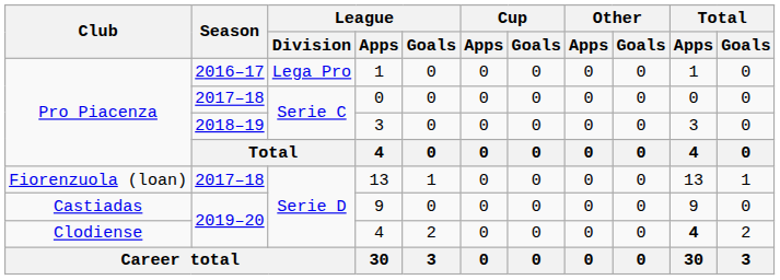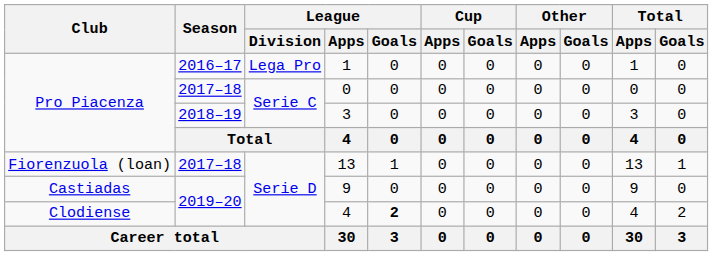 <table class="wikitable" style="text-align: center">
 <tr>
 <th rowspan="2">Club</th>
 <th rowspan="2">Season</th>
 <th colspan="3">League</th>
 <th colspan="2">Cup</th>
 <th colspan="2">Other</th>
 <th colspan="2">Total</th>
 </tr>
 <tr>
 <th>Division</th>
 <th>Apps</th>
 <th>Goals</th>
 <th>Apps</th>
 <th>Goals</th>
 <th>Apps</th>
 <th>Goals</th>
 <th>Apps</th>
 <th>Goals</th>
 </tr>
 <tr>
 <td rowspan="4"><a href='#'>Pro Piacenza</a></td>
 <td><a href='#'>2016–17</a></td>
 <td><a href='#'>Lega Pro</a></td>
 <td>1</td>
 <td>0</td>
 <td>0</td>
 <td>0</td>
 <td>0</td>
 <td>0</td>
 <td>1</td>
 <td>0</td>
 </tr>
 <tr>
 <td><a href='#'>2017–18</a></td>
 <td rowspan="2"><a href='#'>Serie C</a></td>
 <td>0</td>
 <td>0</td>
 <td>0</td>
 <td>0</td>
 <td>0</td>
 <td>0</td>
 <td>0</td>
 <td>0</td>
 </tr>
 <tr>
 <td><a href='#'>2018–19</a></td>
 <td>3</td>
 <td>0</td>
 <td>0</td>
 <td>0</td>
 <td>0</td>
 <td>0</td>
 <td>3</td>
 <td>0</td>
 </tr>
 <tr>
 <th colspan="2">Total</th>
 <th>4</th>
 <th>0</th>
 <th>0</th>
 <th>0</th>
 <th>0</th>
 <th>0</th>
 <th>4</th>
 <th>0</th>
 </tr>
 <tr>
 <td><a href='#'>Fiorenzuola</a> (loan)</td>
 <td><a href='#'>2017–18</a></td>
 <td rowspan="3"><a href='#'>Serie D</a></td>
 <td>13</td>
 <td>1</td>
 <td>0</td>
 <td>0</td>
 <td>0</td>
 <td>0</td>
 <td>13</td>
 <td>1</td>
 </tr>
 <tr>
 <td><a href='#'>Castiadas</a></td>
 <td rowspan="2"><a href='#'>2019–20</a></td>
 <td>9</td>
 <td>0</td>
 <td>0</td>
 <td>0</td>
 <td>0</td>
 <td>0</td>
 <td>9</td>
 <td>0</td>
 </tr>
 <tr>
 <td><a href='#'>Clodiense</a></td>
 <td>4</td>
-<td>2</td>
+<td><strong>2</strong></td>
 <td>0</td>
 <td>0</td>
 <td>0</td>
 <td>0</td>
-<td><strong>4</strong></td>
+<td>4</td>
 <td>2</td>
 </tr>
 <tr>
 <th colspan="3">Career total</th>
 <th>30</th>
 <th>3</th>
 <th>0</th>
 <th>0</th>
 <th>0</th>
 <th>0</th>
 <th>30</th>
 <th>3</th>
 </tr>
 </table>
